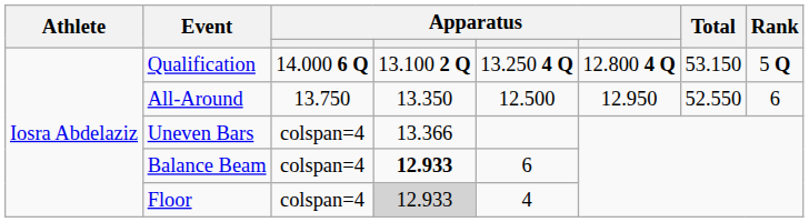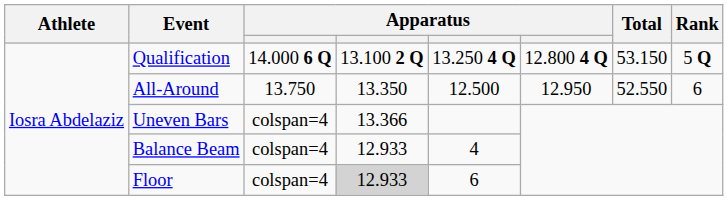 <table class="wikitable" style="font-size:90%">
 <tr>
 <th rowspan=2>Athlete</th>
 <th rowspan=2>Event</th>
 <th colspan =4>Apparatus</th>
 <th rowspan=2>Total</th>
 <th rowspan=2>Rank</th>
 </tr>
 <tr style="font-size:95%">
 <th></th>
 <th></th>
 <th></th>
 <th></th>
 </tr>
 <tr align=center>
 <td align=left rowspan=6><a href='#'>Iosra Abdelaziz</a></td>
 <td align=left><a href='#'>Qualification</a></td>
 <td>14.000	<strong>6 Q		</strong></td>
 <td>13.100	<strong>2 Q</strong></td>
 <td>13.250	<strong>4 Q</strong></td>
 <td>12.800	<strong>4 Q</strong></td>
 <td>53.150</td>
 <td>5 <strong>Q</strong></td>
 </tr>
 <tr align=center>
 <td align=left><a href='#'>All-Around</a></td>
 <td>13.750</td>
 <td>13.350</td>
 <td>12.500</td>
 <td>12.950</td>
 <td>52.550</td>
 <td>6</td>
 </tr>
 <tr align=center>
 <td align=left><a href='#'>Uneven Bars</a></td>
 <td>colspan=4 </td>
 <td>13.366</td>
 <td></td>
 </tr>
 <tr align=center>
 <td align=left><a href='#'>Balance Beam</a></td>
 <td>colspan=4 </td>
-<td><strong>12.933</strong></td>
-<td>6</td>
+<td>12.933</td>
+<td>4</td>
 </tr>
 <tr align=center>
 <td align=left><a href='#'>Floor</a></td>
 <td>colspan=4 </td>
 <td style="background: lightgrey;">12.933</td>
-<td>4</td>
+<td>6</td>
 </tr>
 </table>
